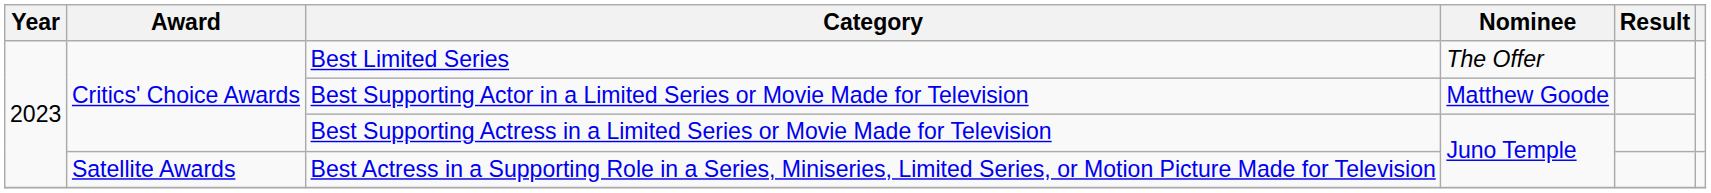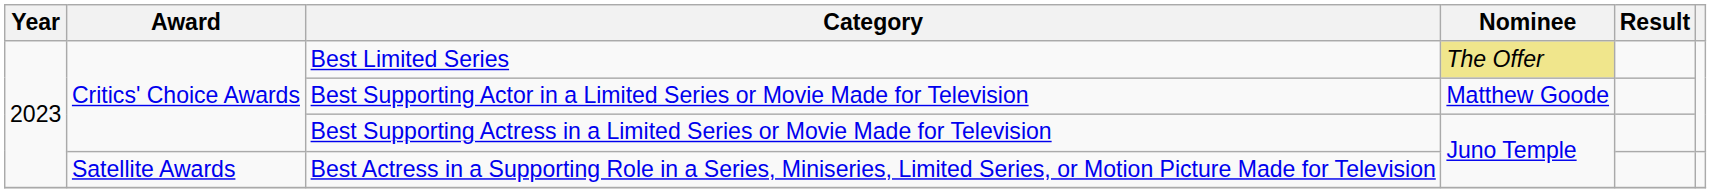 <table class="wikitable">
 <tr>
 <th>Year</th>
 <th>Award</th>
 <th>Category</th>
 <th>Nominee</th>
 <th>Result</th>
 <th></th>
 </tr>
 <tr>
 <td align="center" rowspan="4">2023</td>
 <td rowspan="3"><a href='#'>Critics' Choice Awards</a></td>
 <td><a href='#'>Best Limited Series</a></td>
-<td><em>The Offer</em></td>
+<td style="background: khaki;"><em>The Offer</em></td>
 <td></td>
 <td align="center" rowspan="3"></td>
 </tr>
 <tr>
 <td><a href='#'>Best Supporting Actor in a Limited Series or Movie Made for Television</a></td>
 <td><a href='#'>Matthew Goode</a></td>
 <td></td>
 </tr>
 <tr>
 <td><a href='#'>Best Supporting Actress in a Limited Series or Movie Made for Television</a></td>
 <td rowspan="2"><a href='#'>Juno Temple</a></td>
 <td></td>
 </tr>
 <tr>
 <td><a href='#'>Satellite Awards</a></td>
 <td><a href='#'>Best Actress in a Supporting Role in a Series, Miniseries, Limited Series, or Motion Picture Made for Television</a></td>
 <td></td>
 <td align="center"></td>
 </tr>
 <tr>
 </tr>
 </table>
